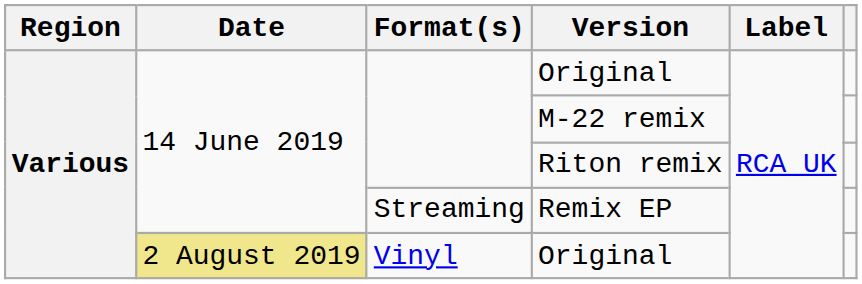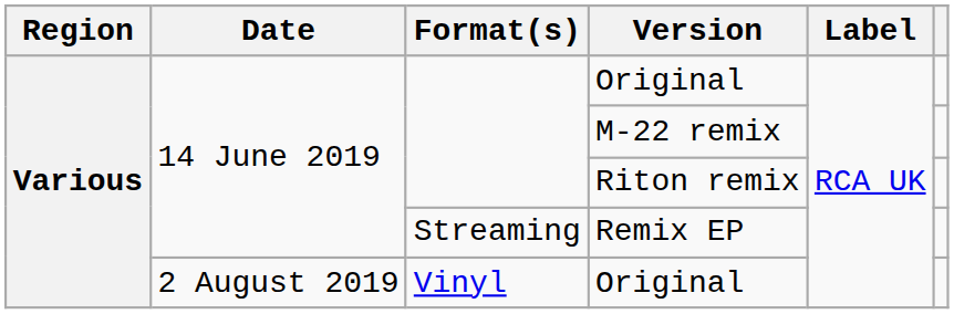 <table class="wikitable plainrowheaders">
 <tr>
 <th scope="col">Region</th>
 <th scope="col">Date</th>
 <th scope="col">Format(s)</th>
 <th scope="col">Version</th>
 <th scope="col">Label</th>
 <th scope="col"></th>
 </tr>
 <tr>
 <th scope="row" rowspan="5">Various</th>
 <td rowspan="4">14 June 2019</td>
 <td rowspan="3"></td>
 <td>Original</td>
 <td rowspan="5"><a href='#'>RCA UK</a></td>
 <td align="center"></td>
 </tr>
 <tr>
 <td>M-22 remix</td>
 <td align="center"></td>
 </tr>
 <tr>
 <td>Riton remix</td>
 <td align="center"></td>
 </tr>
 <tr>
 <td>Streaming</td>
 <td>Remix EP</td>
 <td align="center"></td>
 </tr>
 <tr>
-<td style="background: khaki;">2 August 2019</td>
+<td>2 August 2019</td>
 <td><a href='#'>Vinyl</a></td>
 <td>Original</td>
 <td align="center"></td>
 </tr>
 </table>
